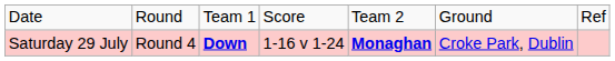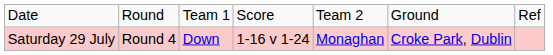 <table class="wikitable">
 <tr>
 <td>Date</td>
 <td>Round</td>
 <td>Team 1</td>
 <td>Score</td>
 <td>Team 2</td>
 <td>Ground</td>
 <td>Ref</td>
 </tr>
 <tr style="background:#fdcbcb;">
 <td>Saturday 29 July</td>
 <td>Round 4</td>
-<td><strong><a href='#'>Down</a></strong></td>
+<td><a href='#'>Down</a></td>
 <td>1-16 v 1-24</td>
-<td><strong><a href='#'>Monaghan</a></strong></td>
+<td><a href='#'>Monaghan</a></td>
 <td><a href='#'>Croke Park</a>, <a href='#'>Dublin</a></td>
 <td></td>
 </tr>
 </table>
